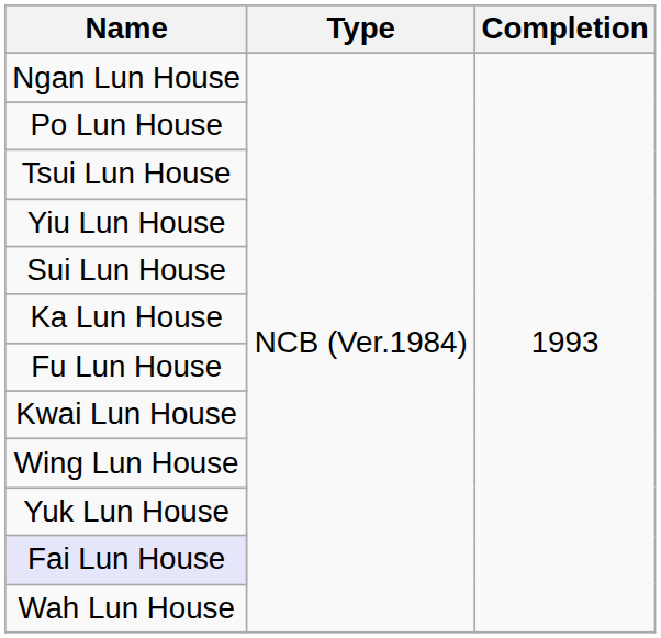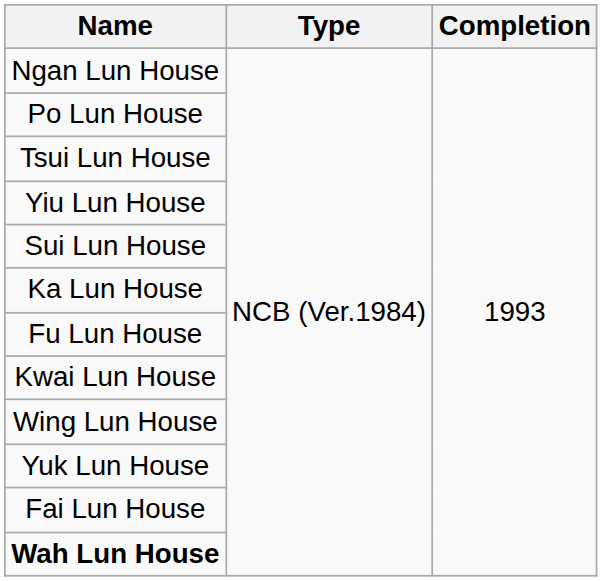 <table class="wikitable" style="text-align: center">
 <tr>
 <th>Name</th>
 <th>Type</th>
 <th>Completion</th>
 </tr>
 <tr>
 <td>Ngan Lun House</td>
 <td rowspan="12">NCB (Ver.1984)</td>
 <td rowspan="12">1993</td>
 </tr>
 <tr>
 <td>Po Lun House</td>
 </tr>
 <tr>
 <td>Tsui Lun House</td>
 </tr>
 <tr>
 <td>Yiu Lun House</td>
 </tr>
 <tr>
 <td>Sui Lun House</td>
 </tr>
 <tr>
 <td>Ka Lun House</td>
 </tr>
 <tr>
 <td>Fu Lun House</td>
 </tr>
 <tr>
 <td>Kwai Lun House</td>
 </tr>
 <tr>
 <td>Wing Lun House</td>
 </tr>
 <tr>
 <td>Yuk Lun House</td>
 </tr>
 <tr>
-<td style="background: lavender;">Fai Lun House</td>
+<td>Fai Lun House</td>
 </tr>
 <tr>
-<td>Wah Lun House</td>
+<td><strong>Wah Lun House</strong></td>
 </tr>
 </table>
